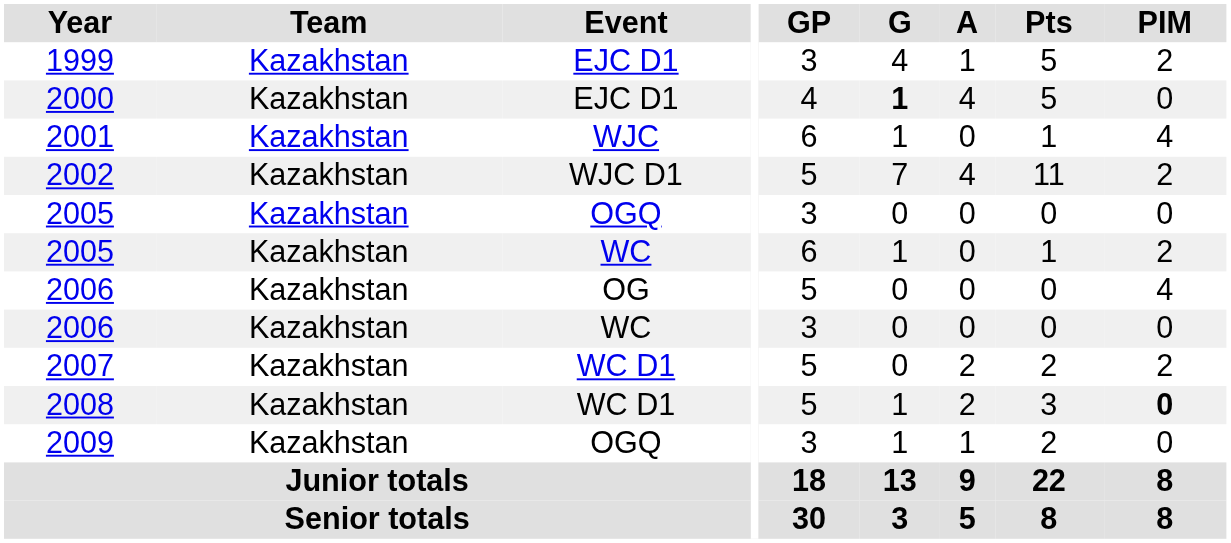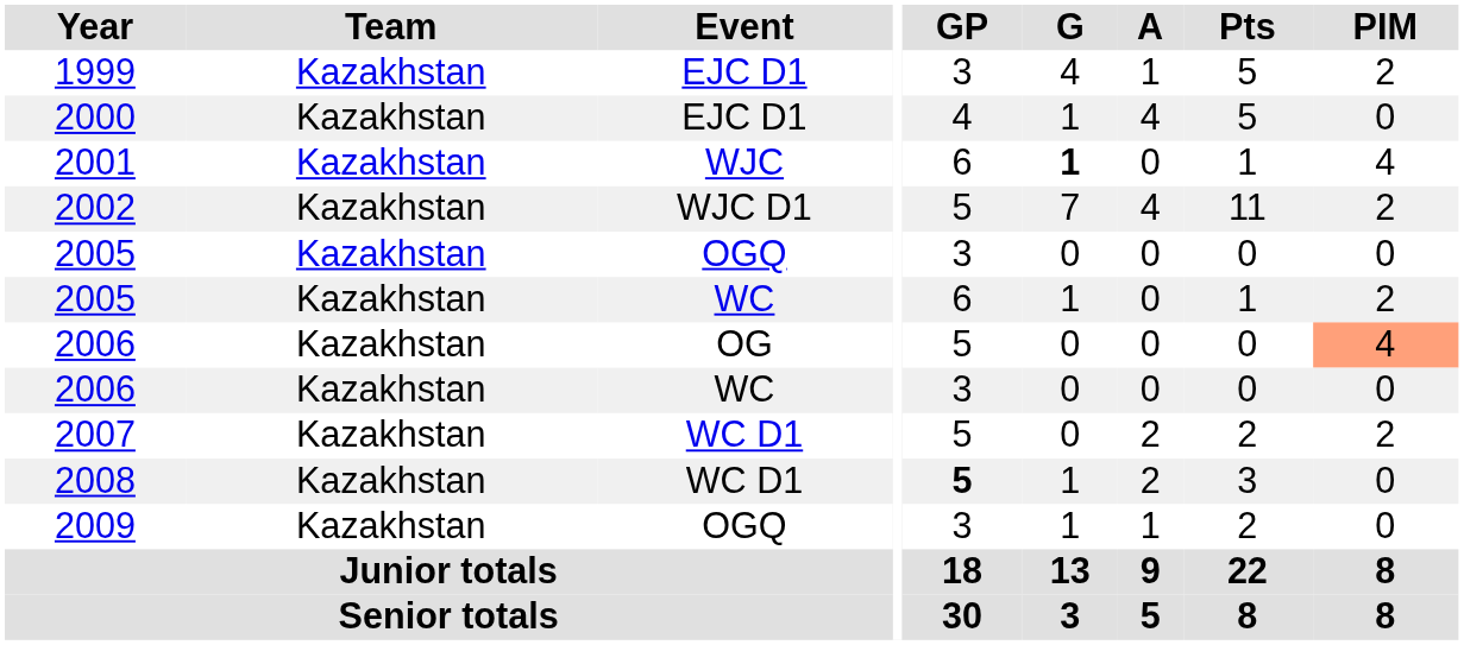 <table border="0" cellpadding="1" cellspacing="0" ID="Table3" style="text-align:center; width:40em">
 <tr bgcolor="#e0e0e0">
 <th>Year</th>
 <th>Team</th>
 <th>Event</th>
 <th rowspan="102" bgcolor="#ffffff"></th>
 <th>GP</th>
 <th>G</th>
 <th>A</th>
 <th>Pts</th>
 <th>PIM</th>
 </tr>
 <tr>
 <td><a href='#'>1999</a></td>
 <td><a href='#'>Kazakhstan</a></td>
 <td><a href='#'>EJC D1</a></td>
 <td>3</td>
 <td>4</td>
 <td>1</td>
 <td>5</td>
 <td>2</td>
 </tr>
 <tr bgcolor="#f0f0f0">
 <td><a href='#'>2000</a></td>
 <td>Kazakhstan</td>
 <td>EJC D1</td>
 <td>4</td>
-<td><strong>1</strong></td>
+<td>1</td>
 <td>4</td>
 <td>5</td>
 <td>0</td>
 </tr>
 <tr>
 <td><a href='#'>2001</a></td>
 <td><a href='#'>Kazakhstan</a></td>
 <td><a href='#'>WJC</a></td>
 <td>6</td>
-<td>1</td>
+<td><strong>1</strong></td>
 <td>0</td>
 <td>1</td>
 <td>4</td>
 </tr>
 <tr bgcolor="#f0f0f0">
 <td><a href='#'>2002</a></td>
 <td>Kazakhstan</td>
 <td>WJC D1</td>
 <td>5</td>
 <td>7</td>
 <td>4</td>
 <td>11</td>
 <td>2</td>
 </tr>
 <tr>
 <td><a href='#'>2005</a></td>
 <td><a href='#'>Kazakhstan</a></td>
 <td><a href='#'>OGQ</a></td>
 <td>3</td>
 <td>0</td>
 <td>0</td>
 <td>0</td>
 <td>0</td>
 </tr>
 <tr bgcolor="#f0f0f0">
 <td><a href='#'>2005</a></td>
 <td>Kazakhstan</td>
 <td><a href='#'>WC</a></td>
 <td>6</td>
 <td>1</td>
 <td>0</td>
 <td>1</td>
 <td>2</td>
 </tr>
 <tr>
 <td><a href='#'>2006</a></td>
 <td>Kazakhstan</td>
 <td>OG</td>
 <td>5</td>
 <td>0</td>
 <td>0</td>
 <td>0</td>
-<td>4</td>
+<td style="background: lightsalmon;">4</td>
 </tr>
 <tr bgcolor="#f0f0f0">
 <td><a href='#'>2006</a></td>
 <td>Kazakhstan</td>
 <td>WC</td>
 <td>3</td>
 <td>0</td>
 <td>0</td>
 <td>0</td>
 <td>0</td>
 </tr>
 <tr>
 <td><a href='#'>2007</a></td>
 <td>Kazakhstan</td>
 <td><a href='#'>WC D1</a></td>
 <td>5</td>
 <td>0</td>
 <td>2</td>
 <td>2</td>
 <td>2</td>
 </tr>
 <tr bgcolor="#f0f0f0">
 <td><a href='#'>2008</a></td>
 <td>Kazakhstan</td>
 <td>WC D1</td>
-<td>5</td>
+<td><strong>5</strong></td>
 <td>1</td>
 <td>2</td>
 <td>3</td>
-<td><strong>0</strong></td>
+<td>0</td>
 </tr>
 <tr>
 <td><a href='#'>2009</a></td>
 <td>Kazakhstan</td>
 <td>OGQ</td>
 <td>3</td>
 <td>1</td>
 <td>1</td>
 <td>2</td>
 <td>0</td>
 </tr>
 <tr bgcolor="#e0e0e0">
 <th colspan="3">Junior totals</th>
 <th>18</th>
 <th>13</th>
 <th>9</th>
 <th>22</th>
 <th>8</th>
 </tr>
 <tr bgcolor="#e0e0e0">
 <th colspan="3">Senior totals</th>
 <th>30</th>
 <th>3</th>
 <th>5</th>
 <th>8</th>
 <th>8</th>
 </tr>
 </table>
